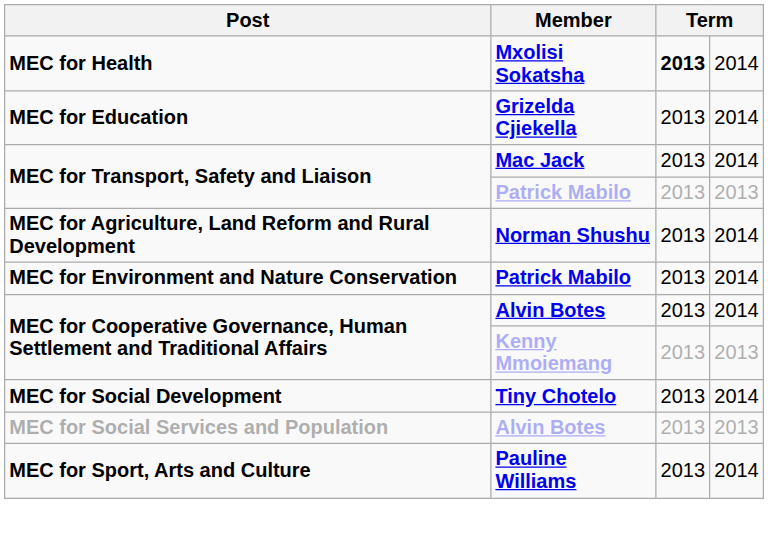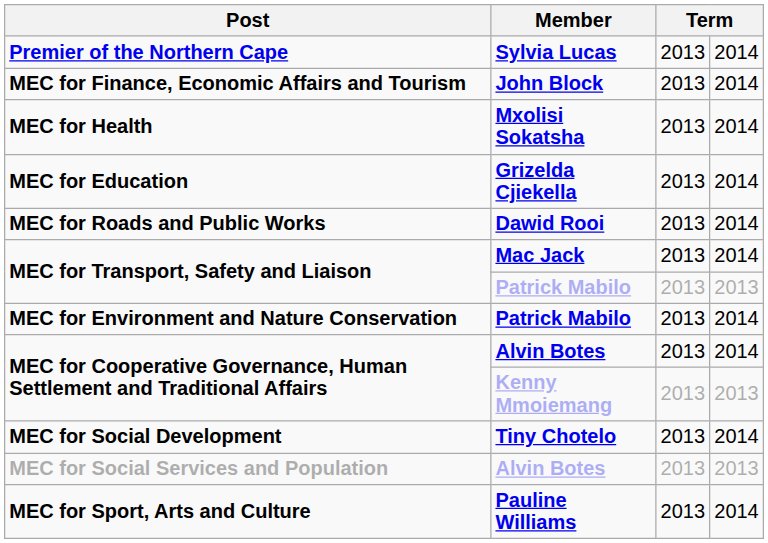 <table class="wikitable">
 <tr>
 <th>Post</th>
 <th>Member</th>
 <th colspan="2">Term</th>
 </tr>
 <tr>
+<td><strong><a href='#'>Premier of the Northern Cape</a></strong></td>
+<td><strong><a href='#'>Sylvia Lucas</a></strong></td>
+<td>2013</td>
+<td>2014</td>
+</tr>
+<tr>
+<td><strong>MEC for Finance, Economic Affairs and Tourism</strong></td>
+<td><a href='#'><strong>John Block</strong></a></td>
+<td>2013</td>
+<td>2014</td>
+</tr>
+<tr>
 <td><strong>MEC for Health</strong></td>
 <td><a href='#'><strong>Mxolisi Sokatsha</strong></a></td>
-<td><strong>2013</strong></td>
+<td>2013</td>
 <td>2014</td>
 </tr>
 <tr>
 <td><strong>MEC for Education</strong></td>
 <td><strong><a href='#'>Grizelda Cjiekella</a></strong></td>
+<td>2013</td>
+<td>2014</td>
+</tr>
+<tr>
+<td><strong>MEC for Roads and Public Works</strong></td>
+<td><strong><a href='#'>Dawid Rooi</a></strong></td>
 <td>2013</td>
 <td>2014</td>
 </tr>
 <tr>
 <td rowspan="2"><strong>MEC for Transport, Safety and Liaison</strong></td>
 <td><strong><a href='#'>Mac Jack</a></strong></td>
 <td>2013</td>
 <td>2014</td>
 </tr>
 <tr style="opacity:.3;">
 <td><strong><a href='#'>Patrick Mabilo</a></strong></td>
 <td>2013</td>
 <td>2013</td>
-</tr>
-<tr>
-<td><strong>MEC for Agriculture, Land Reform and Rural Development</strong></td>
-<td><strong><a href='#'>Norman Shushu</a></strong></td>
-<td>2013</td>
-<td>2014</td>
 </tr>
 <tr>
 <td><strong>MEC for Environment and Nature Conservation</strong></td>
 <td><strong><a href='#'>Patrick Mabilo</a></strong></td>
 <td>2013</td>
 <td>2014</td>
 </tr>
 <tr>
 <td rowspan="2"><strong>MEC for Cooperative Governance, Human Settlement and Traditional Affairs</strong></td>
 <td><strong><a href='#'>Alvin Botes</a></strong></td>
 <td>2013</td>
 <td>2014</td>
 </tr>
 <tr style="opacity:.3;">
 <td><strong><a href='#'>Kenny Mmoiemang</a></strong></td>
 <td>2013</td>
 <td>2013</td>
 </tr>
 <tr>
 <td><strong>MEC for Social Development</strong></td>
 <td><strong><a href='#'>Tiny Chotelo</a></strong></td>
 <td>2013</td>
 <td>2014</td>
 </tr>
 <tr style="opacity:.3;">
 <td><strong>MEC for Social Services and Population</strong></td>
 <td><strong><a href='#'>Alvin Botes</a></strong></td>
 <td>2013</td>
 <td>2013</td>
 </tr>
 <tr>
 <td><strong>MEC for Sport, Arts and Culture</strong></td>
 <td><strong><a href='#'>Pauline Williams</a></strong></td>
 <td>2013</td>
 <td>2014</td>
 </tr>
 </table>
